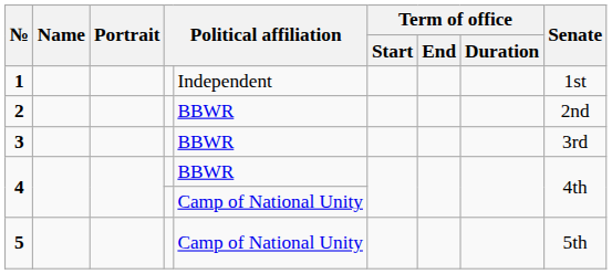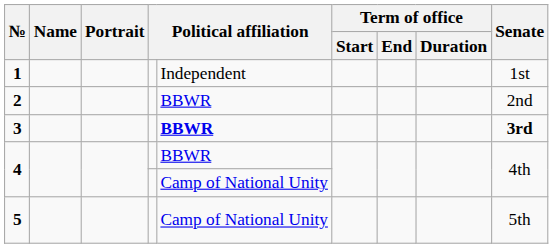 <table class="wikitable" style="text-align:center;">
 <tr>
 <th rowspan="2">№</th>
 <th rowspan="2">Name<br></th>
 <th rowspan="2">Portrait</th>
 <th rowspan="2" colspan="2">Political affiliation</th>
 <th colspan="3">Term of office</th>
 <th rowspan="2">Senate</th>
 </tr>
 <tr>
 <th>Start</th>
 <th>End</th>
 <th>Duration</th>
 </tr>
 <tr>
 <td><strong>1</strong></td>
 <td><strong></strong><br></td>
 <td></td>
 <td></td>
 <td style="text-align:left;">Independent</td>
 <td></td>
 <td></td>
 <td></td>
 <td>1st</td>
 </tr>
 <tr>
 <td><strong>2</strong></td>
 <td><strong></strong><br></td>
 <td></td>
 <td></td>
 <td style="text-align:left;"><a href='#'>BBWR</a></td>
 <td></td>
 <td></td>
 <td></td>
 <td>2nd</td>
 </tr>
 <tr>
 <td><strong>3</strong></td>
 <td><strong></strong><br></td>
 <td></td>
 <td></td>
-<td style="text-align:left;"><a href='#'>BBWR</a></td>
+<td style="text-align:left;"><strong><a href='#'>BBWR</a></strong></td>
 <td></td>
 <td></td>
 <td></td>
-<td>3rd</td>
+<td><strong>3rd</strong></td>
 </tr>
 <tr>
 <td rowspan="2"><strong>4</strong></td>
 <td rowspan="2"><strong></strong><br><br></td>
 <td rowspan="2"></td>
 <td></td>
 <td style="text-align:left;"><a href='#'>BBWR</a></td>
 <td rowspan="2"></td>
 <td rowspan="2"></td>
 <td rowspan="2"></td>
 <td rowspan="2">4th</td>
 </tr>
 <tr>
 <td></td>
 <td style="text-align:left;"><a href='#'>Camp of National Unity</a></td>
 </tr>
 <tr>
 <td><strong>5</strong></td>
 <td><strong></strong><br><br></td>
 <td></td>
 <td></td>
 <td style="text-align:left;"><a href='#'>Camp of National Unity</a></td>
 <td></td>
 <td></td>
 <td></td>
 <td>5th</td>
 </tr>
 </table>
